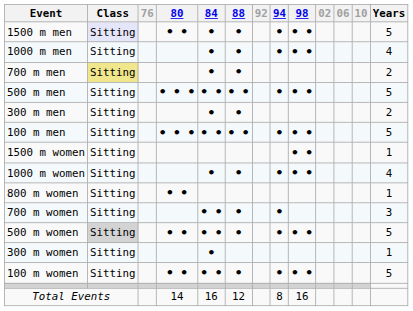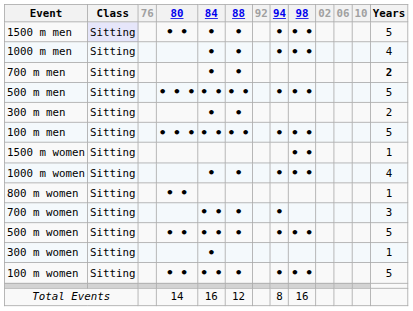 <table class="wikitable" style="text-align:center">
 <tr>
 <th>Event</th>
 <th>Class</th>
 <th style="color: #A0A0A0">76</th>
 <th><a href='#'>80</a></th>
 <th><a href='#'>84</a></th>
 <th><a href='#'>88</a></th>
 <th style="color: #A0A0A0">92</th>
 <th><a href='#'>94</a></th>
 <th><a href='#'>98</a></th>
 <th style="color: #A0A0A0">02</th>
 <th style="color: #A0A0A0">06</th>
 <th style="color: #A0A0A0">10</th>
 <th>Years</th>
 </tr>
 <tr>
 <td align=left>1500 m men</td>
 <td align=left style="background: lavender;">Sitting</td>
 <td></td>
 <td><big><strong>•</strong></big> <big><strong>•</strong></big></td>
 <td><big><strong>•</strong></big></td>
 <td><big><strong>•</strong></big></td>
 <td></td>
 <td><big><strong>•</strong></big></td>
 <td><big><strong>•</strong></big> <big><strong>•</strong></big></td>
 <td></td>
 <td></td>
 <td></td>
 <td>5</td>
 </tr>
 <tr bgcolor="#F4F9FC">
 <td align=left>1000 m men</td>
 <td align=left>Sitting</td>
 <td></td>
 <td></td>
 <td><big><strong>•</strong></big></td>
 <td><big><strong>•</strong></big></td>
 <td></td>
 <td><big><strong>•</strong></big></td>
 <td><big><strong>•</strong></big> <big><strong>•</strong></big></td>
 <td></td>
 <td></td>
 <td></td>
 <td>4</td>
 </tr>
 <tr>
 <td align=left>700 m men</td>
-<td align=left style="background: khaki;">Sitting</td>
+<td align=left>Sitting</td>
 <td></td>
 <td></td>
 <td><big><strong>•</strong></big></td>
 <td><big><strong>•</strong></big></td>
 <td></td>
 <td></td>
 <td></td>
 <td></td>
 <td></td>
 <td></td>
-<td>2</td>
+<td><strong>2</strong></td>
 </tr>
 <tr bgcolor="#F4F9FC">
 <td align=left>500 m men</td>
 <td align=left>Sitting</td>
 <td></td>
 <td><big><strong>•</strong></big> <big><strong>•</strong></big> <big><strong>•</strong></big></td>
 <td><big><strong>•</strong></big> <big><strong>•</strong></big></td>
 <td><big><strong>•</strong></big> <big><strong>•</strong></big></td>
 <td></td>
 <td><big><strong>•</strong></big></td>
 <td><big><strong>•</strong></big> <big><strong>•</strong></big></td>
 <td></td>
 <td></td>
 <td></td>
 <td>5</td>
 </tr>
 <tr>
 <td align=left>300 m men</td>
 <td align=left>Sitting</td>
 <td></td>
 <td></td>
 <td><big><strong>•</strong></big></td>
 <td><big><strong>•</strong></big></td>
 <td></td>
 <td></td>
 <td></td>
 <td></td>
 <td></td>
 <td></td>
 <td>2</td>
 </tr>
 <tr bgcolor="#F4F9FC">
 <td align=left>100 m men</td>
 <td align=left>Sitting</td>
 <td></td>
 <td><big><strong>•</strong></big> <big><strong>•</strong></big> <big><strong>•</strong></big></td>
 <td><big><strong>•</strong></big> <big><strong>•</strong></big></td>
 <td><big><strong>•</strong></big> <big><strong>•</strong></big></td>
 <td></td>
 <td><big><strong>•</strong></big></td>
 <td><big><strong>•</strong></big> <big><strong>•</strong></big></td>
 <td></td>
 <td></td>
 <td></td>
 <td>5</td>
 </tr>
 <tr>
 <td align=left>1500 m women</td>
 <td align=left>Sitting</td>
 <td></td>
 <td></td>
 <td></td>
 <td></td>
 <td></td>
 <td></td>
 <td><big><strong>•</strong></big> <big><strong>•</strong></big></td>
 <td></td>
 <td></td>
 <td></td>
 <td>1</td>
 </tr>
 <tr bgcolor="#F4F9FC">
 <td align=left>1000 m women</td>
 <td align=left>Sitting</td>
 <td></td>
 <td></td>
 <td><big><strong>•</strong></big></td>
 <td><big><strong>•</strong></big></td>
 <td></td>
 <td><big><strong>•</strong></big></td>
 <td><big><strong>•</strong></big> <big><strong>•</strong></big></td>
 <td></td>
 <td></td>
 <td></td>
 <td>4</td>
 </tr>
 <tr>
 <td align=left>800 m women</td>
 <td align=left>Sitting</td>
 <td></td>
 <td><big><strong>•</strong></big> <big><strong>•</strong></big></td>
 <td></td>
 <td></td>
 <td></td>
 <td></td>
 <td></td>
 <td></td>
 <td></td>
 <td></td>
 <td>1</td>
 </tr>
 <tr bgcolor="#F4F9FC">
 <td align=left>700 m women</td>
 <td align=left>Sitting</td>
 <td></td>
 <td></td>
 <td><big><strong>•</strong></big> <big><strong>•</strong></big></td>
 <td><big><strong>•</strong></big></td>
 <td></td>
 <td><big><strong>•</strong></big></td>
 <td></td>
 <td></td>
 <td></td>
 <td></td>
 <td>3</td>
 </tr>
 <tr>
 <td align=left>500 m women</td>
-<td align=left style="background: lightgrey;">Sitting</td>
+<td align=left>Sitting</td>
 <td></td>
 <td><big><strong>•</strong></big> <big><strong>•</strong></big></td>
 <td><big><strong>•</strong></big> <big><strong>•</strong></big></td>
 <td><big><strong>•</strong></big></td>
 <td></td>
 <td><big><strong>•</strong></big></td>
 <td><big><strong>•</strong></big> <big><strong>•</strong></big></td>
 <td></td>
 <td></td>
 <td></td>
 <td>5</td>
 </tr>
 <tr bgcolor="#F4F9FC">
 <td align=left>300 m women</td>
 <td align=left>Sitting</td>
 <td></td>
 <td></td>
 <td><big><strong>•</strong></big></td>
 <td></td>
 <td></td>
 <td></td>
 <td></td>
 <td></td>
 <td></td>
 <td></td>
 <td>1</td>
 </tr>
 <tr>
 <td align=left>100 m women</td>
 <td align=left>Sitting</td>
 <td></td>
 <td><big><strong>•</strong></big> <big><strong>•</strong></big></td>
 <td><big><strong>•</strong></big> <big><strong>•</strong></big></td>
 <td><big><strong>•</strong></big></td>
 <td></td>
 <td><big><strong>•</strong></big></td>
 <td><big><strong>•</strong></big> <big><strong>•</strong></big></td>
 <td></td>
 <td></td>
 <td></td>
 <td>5</td>
 </tr>
 <tr bgcolor=lightgray>
 <td></td>
 <td></td>
 <td></td>
 <td></td>
 <td></td>
 <td></td>
 <td></td>
 <td></td>
 <td></td>
 <td></td>
 <td></td>
 <td></td>
 </tr>
 <tr>
 <td align=center colspan="2"><em>Total Events</em></td>
 <td></td>
 <td>14</td>
 <td>16</td>
 <td>12</td>
 <td></td>
 <td>8</td>
 <td>16</td>
 <td></td>
 <td></td>
 <td></td>
 <td></td>
 </tr>
 </table>
